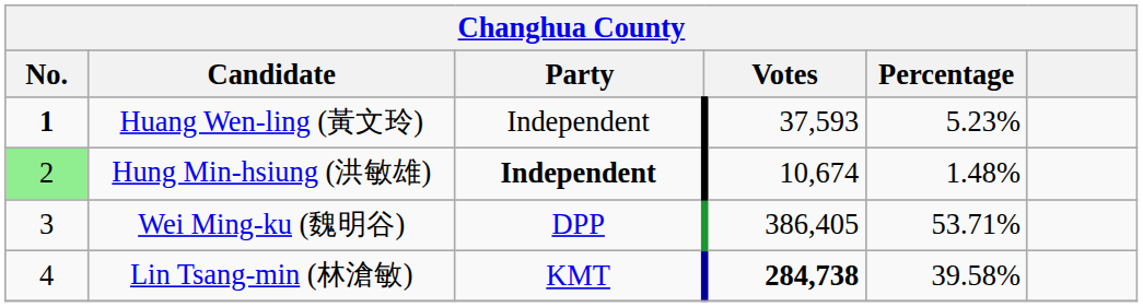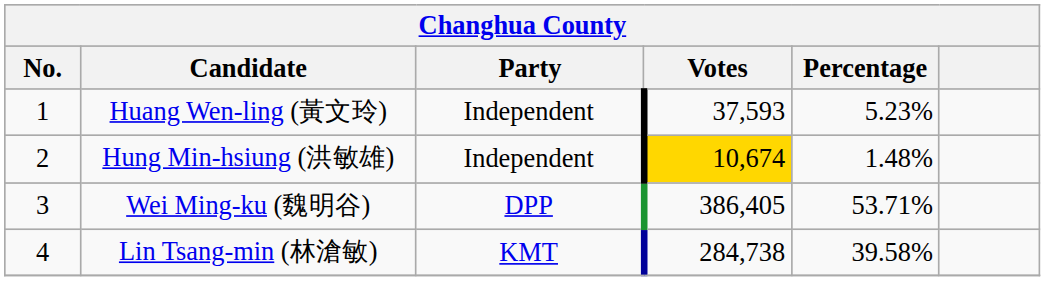 <table class="wikitable collapsible" style="text-align:center">
 <tr>
 <th colspan="7" width=620px><a href='#'>Changhua County</a></th>
 </tr>
 <tr>
 <th width=35>No.</th>
 <th width=180>Candidate</th>
 <th width=120>Party</th>
 <th width=75>Votes</th>
 <th width=75>Percentage</th>
 <th width=49></th>
 </tr>
 <tr>
-<td><strong>1</strong></td>
+<td>1</td>
 <td><a href='#'>Huang Wen-ling</a> (黃文玲)</td>
 <td>Independent</td>
 <td style="border-left:4px solid #000000;" align="right">37,593</td>
 <td align="right">5.23%</td>
 <td align="center"></td>
 </tr>
 <tr>
-<td style="background: lightgreen;">2</td>
+<td>2</td>
 <td><a href='#'>Hung Min-hsiung</a> (洪敏雄)</td>
-<td><strong>Independent</strong></td>
-<td style="border-left:4px solid #000000;" align="right">10,674</td>
+<td>Independent</td>
+<td style="background: gold; border-left:4px solid #000000;" align="right">10,674</td>
 <td align="right">1.48%</td>
 <td align="center"></td>
 </tr>
 <tr>
 <td>3</td>
 <td><a href='#'>Wei Ming-ku</a> (魏明谷)</td>
 <td><a href='#'>DPP</a></td>
 <td style="border-left:4px solid #1B9431;" align="right">386,405</td>
 <td align="right">53.71%</td>
 <td align="center"></td>
 </tr>
 <tr>
 <td>4</td>
 <td><a href='#'>Lin Tsang-min</a> (林滄敏)</td>
 <td><a href='#'>KMT</a></td>
-<td style="border-left:4px solid #000099;" align="right"><strong>284,738</strong></td>
+<td style="border-left:4px solid #000099;" align="right">284,738</td>
 <td align="right">39.58%</td>
 <td align="center"></td>
 </tr>
 <tr bgcolor=EEEEEE>
 </tr>
 </table>
